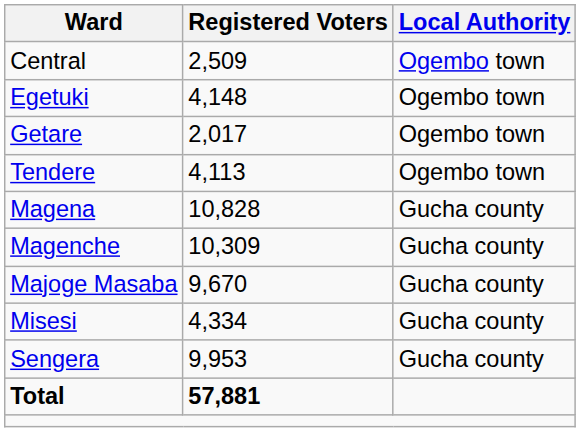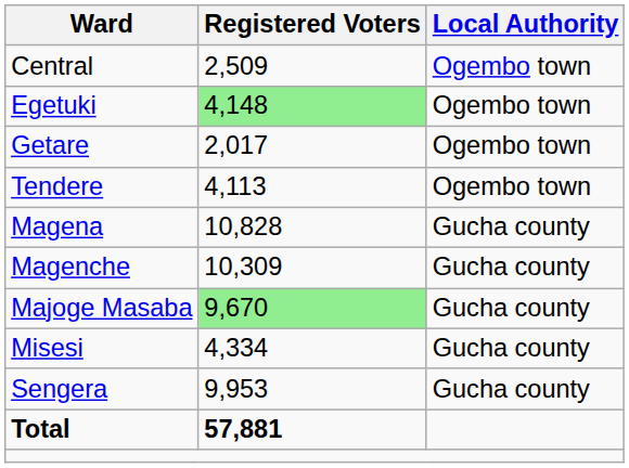 <table class="wikitable">
 <tr>
 <th>Ward</th>
 <th>Registered Voters</th>
 <th><a href='#'>Local Authority</a></th>
 </tr>
 <tr>
 <td>Central</td>
 <td>2,509</td>
 <td><a href='#'>Ogembo</a> town</td>
 </tr>
 <tr>
 <td><a href='#'>Egetuki</a></td>
-<td>4,148</td>
+<td style="background: lightgreen;">4,148</td>
 <td>Ogembo town</td>
 </tr>
 <tr>
 <td><a href='#'>Getare</a></td>
 <td>2,017</td>
 <td>Ogembo town</td>
 </tr>
 <tr>
 <td><a href='#'>Tendere</a></td>
 <td>4,113</td>
 <td>Ogembo town</td>
 </tr>
 <tr>
 <td><a href='#'>Magena</a></td>
 <td>10,828</td>
 <td>Gucha county</td>
 </tr>
 <tr>
 <td><a href='#'>Magenche</a></td>
 <td>10,309</td>
 <td>Gucha county</td>
 </tr>
 <tr>
 <td><a href='#'>Majoge Masaba</a></td>
-<td>9,670</td>
+<td style="background: lightgreen;">9,670</td>
 <td>Gucha county</td>
 </tr>
 <tr>
 <td><a href='#'>Misesi</a></td>
 <td>4,334</td>
 <td>Gucha county</td>
 </tr>
 <tr>
 <td><a href='#'>Sengera</a></td>
 <td>9,953</td>
 <td>Gucha county</td>
 </tr>
 <tr>
 <td><strong>Total</strong></td>
 <td><strong>57,881</strong></td>
 <td></td>
 </tr>
 <tr>
 <td colspan="3"></td>
 </tr>
 </table>
